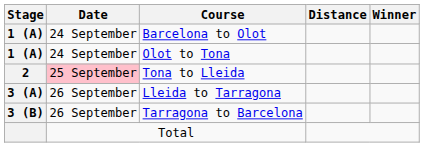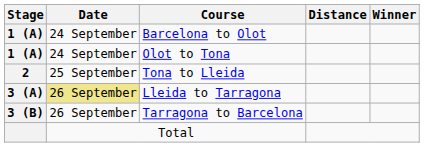 <table class="wikitable">
 <tr>
 <th scope="col">Stage</th>
 <th scope="col">Date</th>
 <th scope="col">Course</th>
 <th scope="col">Distance</th>
 <th scope="col">Winner</th>
 </tr>
 <tr>
 <th scope="row">1 (A)</th>
 <td style="text-align:right">24 September</td>
 <td><a href='#'>Barcelona</a> to <a href='#'>Olot</a></td>
 <td style="text-align:center;"></td>
 <td></td>
 </tr>
 <tr>
 <th scope="row">1 (A)</th>
 <td style="text-align:right">24 September</td>
 <td><a href='#'>Olot</a> to <a href='#'>Tona</a></td>
 <td style="text-align:center;"></td>
 <td></td>
 </tr>
 <tr>
 <th scope="row">2</th>
-<td style="background: pink; text-align:right">25 September</td>
+<td style="text-align:right">25 September</td>
 <td><a href='#'>Tona</a> to <a href='#'>Lleida</a></td>
 <td style="text-align:center;"></td>
 <td></td>
 </tr>
 <tr>
 <th scope="row">3 (A)</th>
-<td style="text-align:right">26 September</td>
+<td style="background: khaki; text-align:right">26 September</td>
 <td><a href='#'>Lleida</a> to <a href='#'>Tarragona</a></td>
 <td style="text-align:center;"></td>
 <td></td>
 </tr>
 <tr>
 <th scope="row">3 (B)</th>
 <td style="text-align:right">26 September</td>
 <td><a href='#'>Tarragona</a> to <a href='#'>Barcelona</a></td>
 <td style="text-align:center;"></td>
 <td></td>
 </tr>
 <tr>
 <th scope="row"></th>
 <td colspan="2" style="text-align:center">Total</td>
 <td colspan="5" style="text-align:center"></td>
 </tr>
 </table>
